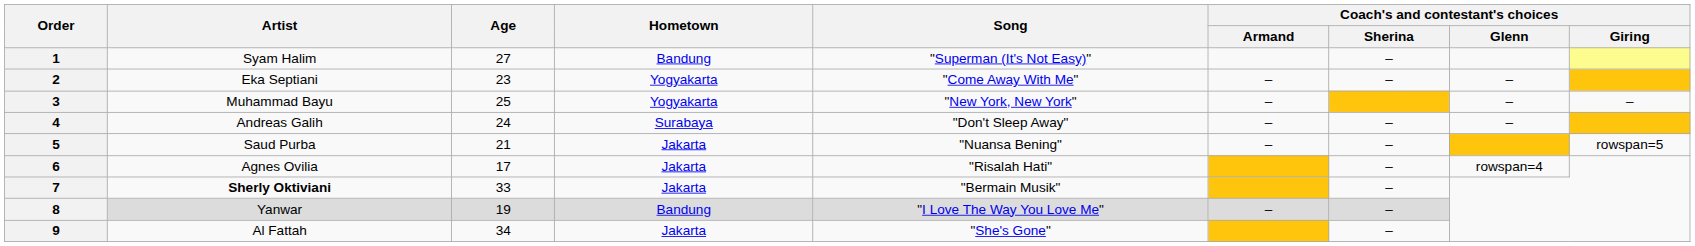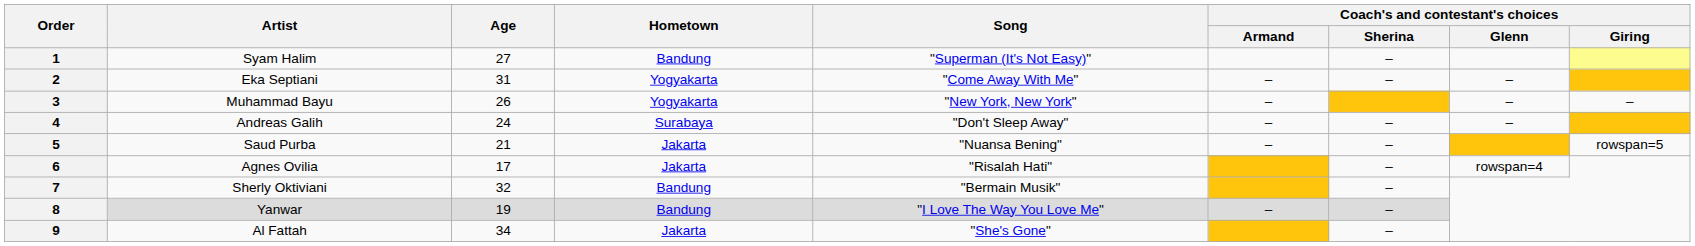 <table class="wikitable" style="text-align:center; width:100%;">
 <tr>
 <th scope="col" rowspan="2" style="width:06%;">Order</th>
 <th scope="col" rowspan="2" style="width:20%;">Artist</th>
 <th scope="col" rowspan="2" style="width:06%;">Age</th>
 <th scope="col" rowspan="2" style="width:15%;">Hometown</th>
 <th scope="col" rowspan="2" style="width:23%;">Song</th>
 <th scope="col" colspan="4" style="width:28%;">Coach's and contestant's choices</th>
 </tr>
 <tr>
 <th style="width:07%;">Armand</th>
 <th style="width:07%;">Sherina</th>
 <th style="width:07%;">Glenn</th>
 <th style="width:07%;">Giring</th>
 </tr>
 <tr>
 <th>1</th>
 <td>Syam Halim</td>
 <td>27</td>
 <td><a href='#'>Bandung</a></td>
 <td>"<a href='#'>Superman (It's Not Easy)</a>"</td>
 <td><strong></strong></td>
 <td>–</td>
 <td><strong></strong></td>
 <td style="background:#fdfc8f;"><strong></strong></td>
 </tr>
 <tr>
 <th>2</th>
 <td>Eka Septiani</td>
-<td>23</td>
+<td>31</td>
 <td><a href='#'>Yogyakarta</a></td>
 <td>"<a href='#'>Come Away With Me</a>"</td>
 <td>–</td>
 <td>–</td>
 <td>–</td>
 <td style="background:#FFC40C;"><strong></strong></td>
 </tr>
 <tr>
 <th>3</th>
 <td>Muhammad Bayu</td>
-<td>25</td>
+<td>26</td>
 <td><a href='#'>Yogyakarta</a></td>
 <td>"<a href='#'>New York, New York</a>"</td>
 <td>–</td>
 <td style="background:#FFC40C;"><strong></strong></td>
 <td>–</td>
 <td>–</td>
 </tr>
 <tr>
 <th>4</th>
 <td>Andreas Galih</td>
 <td>24</td>
 <td><a href='#'>Surabaya</a></td>
 <td>"Don't Sleep Away"</td>
 <td>–</td>
 <td>–</td>
 <td>–</td>
 <td style="background:#FFC40C;"><strong></strong></td>
 </tr>
 <tr>
 <th>5</th>
 <td>Saud Purba</td>
 <td>21</td>
 <td><a href='#'>Jakarta</a></td>
 <td>"Nuansa Bening"</td>
 <td>–</td>
 <td>–</td>
 <td style="background:#FFC40C;"><strong></strong></td>
 <td>rowspan=5 </td>
 </tr>
 <tr>
 <th>6</th>
 <td>Agnes Ovilia</td>
 <td>17</td>
 <td><a href='#'>Jakarta</a></td>
 <td>"Risalah Hati"</td>
 <td style="background:#FFC40C;"><strong></strong></td>
 <td>–</td>
 <td>rowspan=4 </td>
 </tr>
 <tr>
 <th>7</th>
-<td><strong>Sherly Oktiviani</strong></td>
-<td>33</td>
-<td><a href='#'>Jakarta</a></td>
+<td>Sherly Oktiviani</td>
+<td>32</td>
+<td><a href='#'>Bandung</a></td>
 <td>"Bermain Musik"</td>
 <td style="background:#FFC40C;"><strong></strong></td>
 <td>–</td>
 </tr>
 <tr>
 <th>8</th>
 <td style="background:#DCDCDC;">Yanwar</td>
 <td style="background:#DCDCDC;">19</td>
 <td style="background:#DCDCDC;"><a href='#'>Bandung</a></td>
 <td style="background:#DCDCDC;">"<a href='#'>I Love The Way You Love Me</a>"</td>
 <td style="background:#DCDCDC;">–</td>
 <td style="background:#DCDCDC;">–</td>
 </tr>
 <tr>
 <th>9</th>
 <td>Al Fattah</td>
 <td>34</td>
 <td><a href='#'>Jakarta</a></td>
 <td>"<a href='#'>She's Gone</a>"</td>
 <td style="background:#FFC40C;"><strong></strong></td>
 <td>–</td>
 </tr>
 </table>
